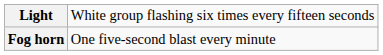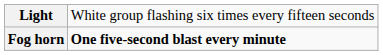 <table class="wikitable">
 <tr>
 <th>Light</th>
 <td>White group flashing six times every fifteen seconds</td>
 </tr>
 <tr>
 <th>Fog horn</th>
-<td>One five-second blast every minute</td>
+<td><strong>One five-second blast every minute</strong></td>
 </tr>
 </table>
